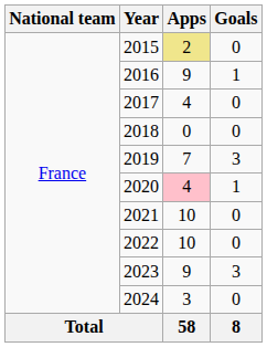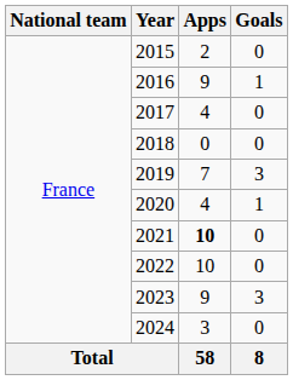 <table class="wikitable" style="text-align: center;">
 <tr>
 <th>National team</th>
 <th>Year</th>
 <th>Apps</th>
 <th>Goals</th>
 </tr>
 <tr>
 <td rowspan="10"><a href='#'>France</a></td>
 <td>2015</td>
-<td style="background: khaki;">2</td>
+<td>2</td>
 <td>0</td>
 </tr>
 <tr>
 <td>2016</td>
 <td>9</td>
 <td>1</td>
 </tr>
 <tr>
 <td>2017</td>
 <td>4</td>
 <td>0</td>
 </tr>
 <tr>
 <td>2018</td>
 <td>0</td>
 <td>0</td>
 </tr>
 <tr>
 <td>2019</td>
 <td>7</td>
 <td>3</td>
 </tr>
 <tr>
 <td>2020</td>
-<td style="background: pink;">4</td>
+<td>4</td>
 <td>1</td>
 </tr>
 <tr>
 <td>2021</td>
-<td>10</td>
+<td><strong>10</strong></td>
 <td>0</td>
 </tr>
 <tr>
 <td>2022</td>
 <td>10</td>
 <td>0</td>
 </tr>
 <tr>
 <td>2023</td>
 <td>9</td>
 <td>3</td>
 </tr>
 <tr>
 <td>2024</td>
 <td>3</td>
 <td>0</td>
 </tr>
 <tr>
 <th colspan="2">Total</th>
 <th>58</th>
 <th>8</th>
 </tr>
 </table>
